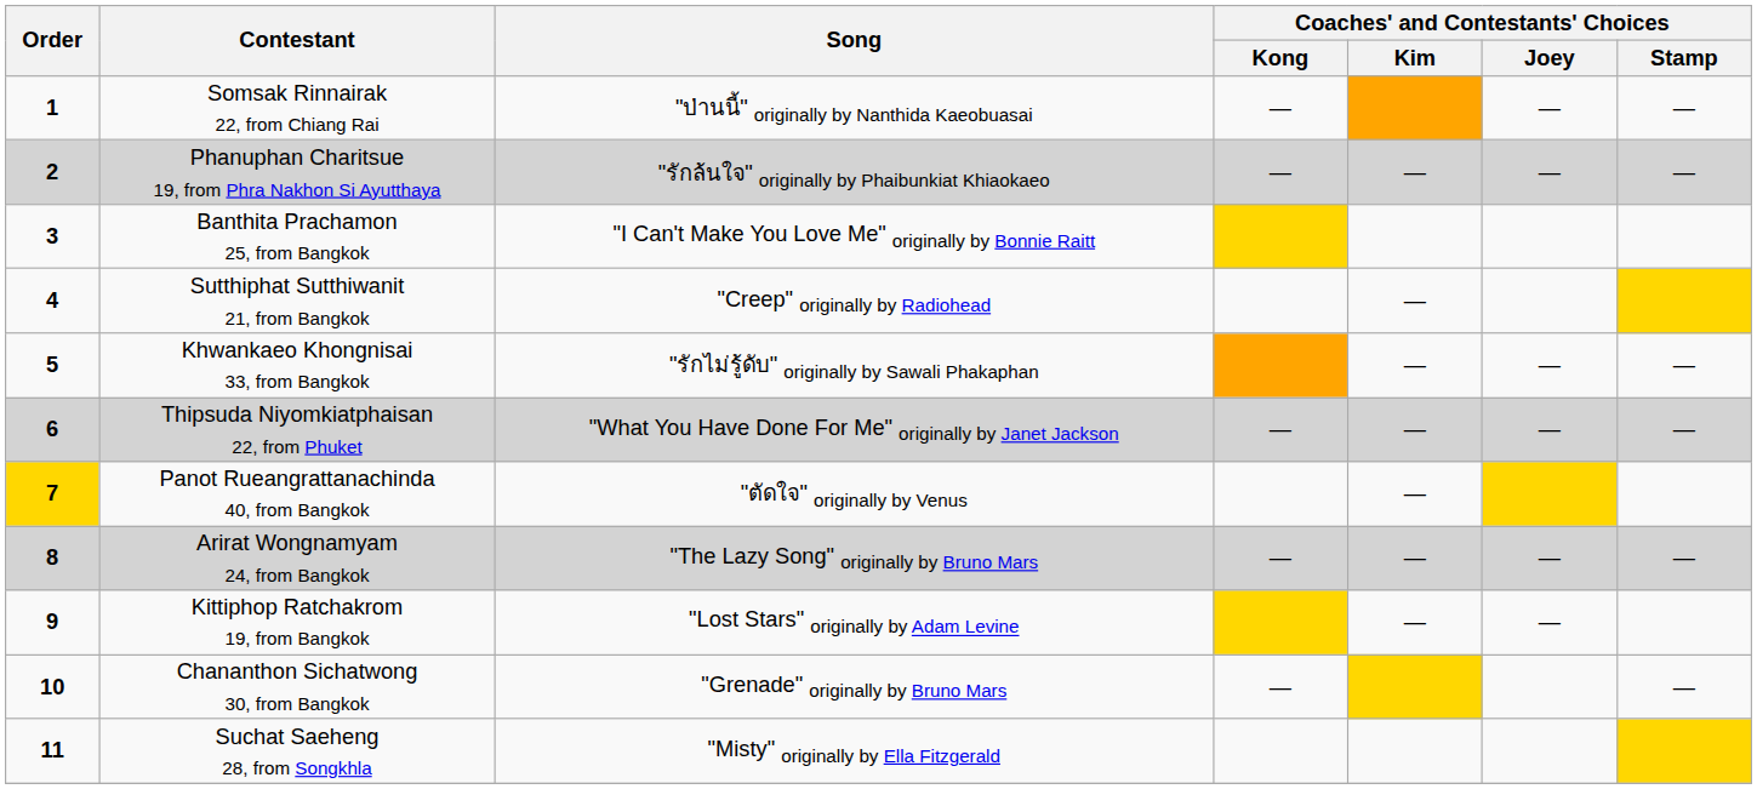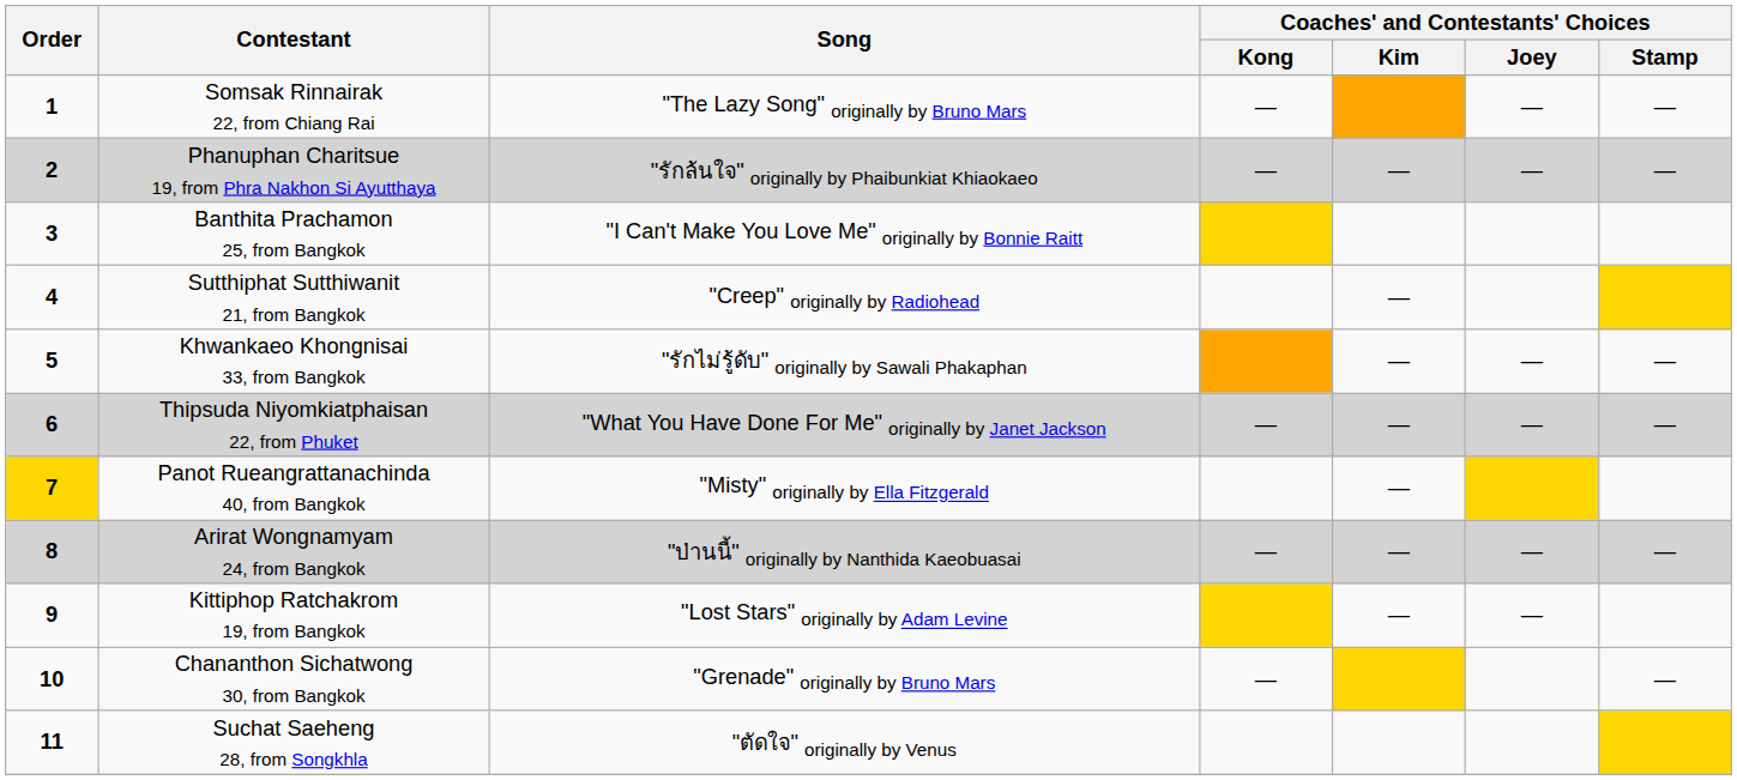 <table class="wikitable" style="text-align:center; width:100%;">
 <tr>
 <th rowspan=2>Order</th>
 <th rowspan=2>Contestant</th>
 <th rowspan=2>Song</th>
 <th colspan=4>Coaches' and Contestants' Choices</th>
 </tr>
 <tr>
 <th width="90">Kong</th>
 <th width="90">Kim</th>
 <th width="90">Joey</th>
 <th width="90">Stamp</th>
 </tr>
 <tr>
 <td align="center"><strong>1</strong></td>
 <td>Somsak Rinnairak<br><sub>22, from Chiang Rai</sub></td>
-<td>"ป่านนี้" <sub>originally by Nanthida Kaeobuasai</sub></td>
+<td>"The Lazy Song" <sub>originally by <a href='#'>Bruno Mars</a></sub></td>
 <td style="text-align:center;">—</td>
 <td style="background:orange;text-align:center;"></td>
 <td style="text-align:center;">—</td>
 <td style="text-align:center;">—</td>
 </tr>
 <tr bgcolor=lightgrey>
 <td align="center"><strong>2</strong></td>
 <td>Phanuphan Charitsue<br><sub>19, from <a href='#'>Phra Nakhon Si Ayutthaya</a></sub></td>
 <td>"รักล้นใจ" <sub>originally by Phaibunkiat Khiaokaeo</sub></td>
 <td style="text-align:center;">—</td>
 <td style="text-align:center;">—</td>
 <td style="text-align:center;">—</td>
 <td style="text-align:center;">—</td>
 </tr>
 <tr>
 <td align="center"><strong>3</strong></td>
 <td>Banthita Prachamon<br><sub>25, from Bangkok</sub></td>
 <td>"I Can't Make You Love Me" <sub>originally by <a href='#'>Bonnie Raitt</a></sub></td>
 <td style="background:gold;text-align:center;"></td>
 <td style="text-align:center;"></td>
 <td style="text-align:center;"></td>
 <td style="text-align:center;"></td>
 </tr>
 <tr>
 <td align="center"><strong>4</strong></td>
 <td>Sutthiphat Sutthiwanit<br><sub>21, from Bangkok</sub></td>
 <td>"Creep" <sub>originally by <a href='#'>Radiohead</a></sub></td>
 <td style="text-align:center;"></td>
 <td style="text-align:center;">—</td>
 <td style="text-align:center;"></td>
 <td style="background:gold;text-align:center;"></td>
 </tr>
 <tr>
 <td align="center"><strong>5</strong></td>
 <td>Khwankaeo Khongnisai<br><sub>33, from Bangkok</sub></td>
 <td>"รักไม่รู้ดับ" <sub>originally by Sawali Phakaphan</sub></td>
 <td style="background:orange;text-align:center;"></td>
 <td style="text-align:center;">—</td>
 <td style="text-align:center;">—</td>
 <td style="text-align:center;">—</td>
 </tr>
 <tr bgcolor=lightgrey>
 <td align="center"><strong>6</strong></td>
 <td>Thipsuda Niyomkiatphaisan<br><sub>22, from <a href='#'>Phuket</a></sub></td>
 <td>"What You Have Done For Me" <sub>originally by <a href='#'>Janet Jackson</a></sub></td>
 <td style="text-align:center;">—</td>
 <td style="text-align:center;">—</td>
 <td style="text-align:center;">—</td>
 <td style="text-align:center;">—</td>
 </tr>
 <tr>
 <td align="center" style="background: gold;"><strong>7</strong></td>
 <td>Panot Rueangrattanachinda<br><sub>40, from Bangkok</sub></td>
-<td>"ตัดใจ" <sub>originally by Venus</sub></td>
+<td>"Misty" <sub>originally by <a href='#'>Ella Fitzgerald</a></sub></td>
 <td style="text-align:center;"></td>
 <td style="text-align:center;">—</td>
 <td style="background:gold;text-align:center;"></td>
 <td style="text-align:center;"></td>
 </tr>
 <tr bgcolor=lightgrey>
 <td align="center"><strong>8</strong></td>
 <td>Arirat Wongnamyam<br><sub>24, from Bangkok</sub></td>
-<td>"The Lazy Song" <sub>originally by <a href='#'>Bruno Mars</a></sub></td>
+<td>"ป่านนี้" <sub>originally by Nanthida Kaeobuasai</sub></td>
 <td style="text-align:center;">—</td>
 <td style="text-align:center;">—</td>
 <td style="text-align:center;">—</td>
 <td style="text-align:center;">—</td>
 </tr>
 <tr>
 <td align="center"><strong>9</strong></td>
 <td>Kittiphop  Ratchakrom<br><sub>19, from Bangkok</sub></td>
 <td>"Lost Stars" <sub>originally by <a href='#'>Adam Levine</a></sub></td>
 <td style="background:gold;text-align:center;"></td>
 <td style="text-align:center;">—</td>
 <td style="text-align:center;">—</td>
 <td style="textalign:center;"></td>
 </tr>
 <tr>
 <td align="center"><strong>10</strong></td>
 <td>Chananthon Sichatwong<br><sub>30, from Bangkok</sub></td>
 <td>"Grenade" <sub>originally by <a href='#'>Bruno Mars</a></sub></td>
 <td style="text-align:center;">—</td>
 <td style="background:gold;text-align:center;"></td>
 <td style="text-align:center;"></td>
 <td style="text-align:center;">—</td>
 </tr>
 <tr>
 <td align="center"><strong>11</strong></td>
 <td>Suchat Saeheng<br><sub>28, from <a href='#'>Songkhla</a></sub></td>
-<td>"Misty" <sub>originally by <a href='#'>Ella Fitzgerald</a></sub></td>
+<td>"ตัดใจ" <sub>originally by Venus</sub></td>
 <td style="text-align:center;"></td>
 <td style="text-align:center;"></td>
 <td style="text-align:center;"></td>
 <td style="background:gold;text-align:center;"></td>
 </tr>
 <tr>
 </tr>
 </table>
